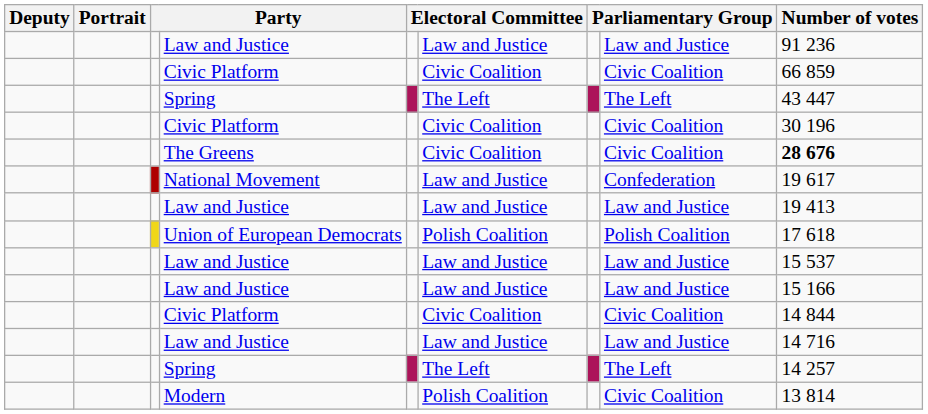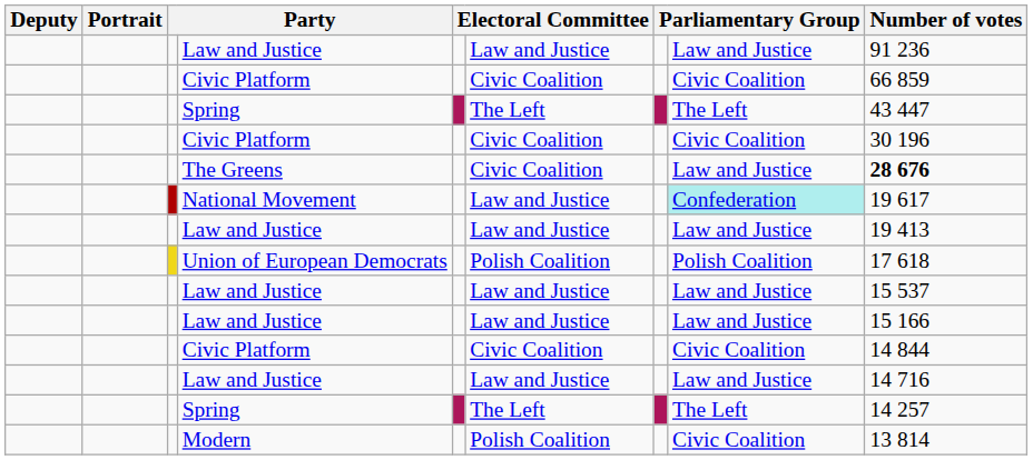 <table class="wikitable sortable" style="font-size:95%;line-height:14px;">
 <tr>
 <th>Deputy</th>
 <th>Portrait</th>
 <th colspan="2">Party</th>
 <th colspan="2">Electoral Committee</th>
 <th colspan="2">Parliamentary Group</th>
 <th>Number of votes</th>
 </tr>
 <tr>
 <td></td>
 <td></td>
 <td style="background:"></td>
 <td><a href='#'>Law and Justice</a></td>
 <td style="background:"></td>
 <td><a href='#'>Law and Justice</a></td>
 <td style="background:"></td>
 <td><a href='#'>Law and Justice</a></td>
 <td>91 236</td>
 </tr>
 <tr>
 <td></td>
 <td></td>
 <td style="background:"></td>
 <td><a href='#'>Civic Platform</a></td>
 <td style="background:"></td>
 <td><a href='#'>Civic Coalition</a></td>
 <td style="background:"></td>
 <td><a href='#'>Civic Coalition</a></td>
 <td>66 859</td>
 </tr>
 <tr>
 <td></td>
 <td></td>
 <td style="background:"></td>
 <td><a href='#'>Spring</a></td>
 <td style="background:#AC145A;"></td>
 <td><a href='#'>The Left</a></td>
 <td style="background:#AC145A;"></td>
 <td><a href='#'>The Left</a></td>
 <td>43 447</td>
 </tr>
 <tr>
 <td></td>
 <td></td>
 <td style="background:"></td>
 <td><a href='#'>Civic Platform</a></td>
 <td style="background:"></td>
 <td><a href='#'>Civic Coalition</a></td>
 <td style="background:"></td>
 <td><a href='#'>Civic Coalition</a></td>
 <td>30 196</td>
 </tr>
 <tr>
 <td></td>
 <td></td>
 <td style="background:"></td>
 <td><a href='#'>The Greens</a></td>
 <td style="background:"></td>
 <td><a href='#'>Civic Coalition</a></td>
 <td style="background:"></td>
-<td><a href='#'>Civic Coalition</a></td>
+<td><a href='#'>Law and Justice</a></td>
 <td><strong>28 676</strong></td>
 </tr>
 <tr>
 <td></td>
 <td></td>
 <td style="background:#AE0000;"></td>
 <td><a href='#'>National Movement</a></td>
 <td style="background:"></td>
 <td><a href='#'>Law and Justice</a></td>
 <td style="background:"></td>
-<td><a href='#'>Confederation</a></td>
+<td style="background: paleturquoise;"><a href='#'>Confederation</a></td>
 <td>19 617</td>
 </tr>
 <tr>
 <td></td>
 <td></td>
 <td style="background:"></td>
 <td><a href='#'>Law and Justice</a></td>
 <td style="background:"></td>
 <td><a href='#'>Law and Justice</a></td>
 <td style="background:"></td>
 <td><a href='#'>Law and Justice</a></td>
 <td>19 413</td>
 </tr>
 <tr>
 <td></td>
 <td></td>
 <td style="background:#F0D719;"></td>
 <td><a href='#'>Union of European Democrats</a></td>
 <td style="background:"></td>
 <td><a href='#'>Polish Coalition</a></td>
 <td style="background:"></td>
 <td><a href='#'>Polish Coalition</a></td>
 <td>17 618</td>
 </tr>
 <tr>
 <td></td>
 <td></td>
 <td style="background:"></td>
 <td><a href='#'>Law and Justice</a></td>
 <td style="background:"></td>
 <td><a href='#'>Law and Justice</a></td>
 <td style="background:"></td>
 <td><a href='#'>Law and Justice</a></td>
 <td>15 537</td>
 </tr>
 <tr>
 <td></td>
 <td></td>
 <td style="background:"></td>
 <td><a href='#'>Law and Justice</a></td>
 <td style="background:"></td>
 <td><a href='#'>Law and Justice</a></td>
 <td style="background:"></td>
 <td><a href='#'>Law and Justice</a></td>
 <td>15 166</td>
 </tr>
 <tr>
 <td></td>
 <td></td>
 <td style="background:"></td>
 <td><a href='#'>Civic Platform</a></td>
 <td style="background:"></td>
 <td><a href='#'>Civic Coalition</a></td>
 <td style="background:"></td>
 <td><a href='#'>Civic Coalition</a></td>
 <td>14 844</td>
 </tr>
 <tr>
 <td></td>
 <td></td>
 <td style="background:"></td>
 <td><a href='#'>Law and Justice</a></td>
 <td style="background:"></td>
 <td><a href='#'>Law and Justice</a></td>
 <td style="background:"></td>
 <td><a href='#'>Law and Justice</a></td>
 <td>14 716</td>
 </tr>
 <tr>
 <td></td>
 <td></td>
 <td style="background:"></td>
 <td><a href='#'>Spring</a></td>
 <td style="background:#AC145A;"></td>
 <td><a href='#'>The Left</a></td>
 <td style="background:#AC145A;"></td>
 <td><a href='#'>The Left</a></td>
 <td>14 257</td>
 </tr>
 <tr>
 <td></td>
 <td></td>
 <td style="background:"></td>
 <td><a href='#'>Modern</a></td>
 <td style="background:"></td>
 <td><a href='#'>Polish Coalition</a></td>
 <td style="background:"></td>
 <td><a href='#'>Civic Coalition</a></td>
 <td>13 814</td>
 </tr>
 </table>
